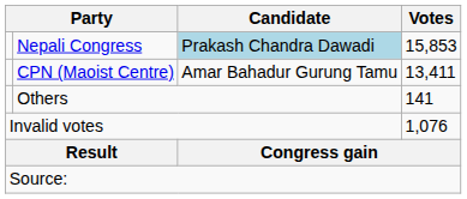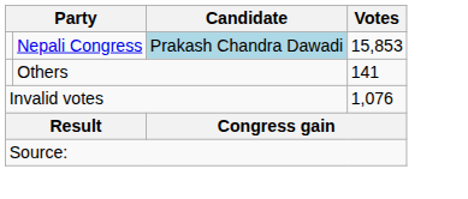 <table class="wikitable">
 <tr>
 <th colspan="2">Party</th>
 <th>Candidate</th>
 <th>Votes</th>
 </tr>
 <tr>
 <td style="background-color:"></td>
 <td><a href='#'>Nepali Congress</a></td>
 <td style="background: lightblue;">Prakash Chandra Dawadi</td>
 <td>15,853</td>
-</tr>
-<tr>
-<td style="background-color:"></td>
-<td><a href='#'>CPN (Maoist Centre)</a></td>
-<td>Amar Bahadur Gurung Tamu</td>
-<td>13,411</td>
 </tr>
 <tr>
 <td></td>
 <td colspan="2">Others</td>
 <td>141</td>
 </tr>
 <tr>
 <td colspan="3">Invalid votes</td>
 <td>1,076</td>
 </tr>
 <tr>
 <th colspan="2">Result</th>
 <th colspan="2">Congress gain</th>
 </tr>
 <tr>
 <td colspan="4">Source: </td>
 </tr>
 </table>
